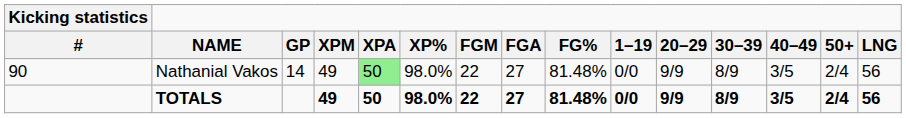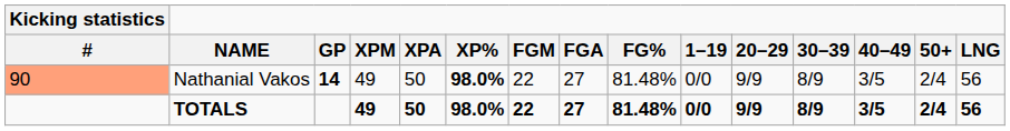 <table class="wikitable collapsible">
 <tr>
 <th style="text-align:center; ">Kicking statistics</th>
 </tr>
 <tr>
 <th>#</th>
 <th>NAME</th>
 <th>GP</th>
 <th>XPM</th>
 <th>XPA</th>
 <th>XP%</th>
 <th>FGM</th>
 <th>FGA</th>
 <th>FG%</th>
 <th>1–19</th>
 <th>20–29</th>
 <th>30–39</th>
 <th>40–49</th>
 <th>50+</th>
 <th>LNG</th>
 </tr>
 <tr>
-<td>90</td>
+<td style="background: lightsalmon;">90</td>
 <td>Nathanial Vakos</td>
-<td>14</td>
+<td><strong>14</strong></td>
 <td>49</td>
-<td style="background: lightgreen;">50</td>
-<td>98.0%</td>
+<td>50</td>
+<td><strong>98.0%</strong></td>
 <td>22</td>
 <td>27</td>
 <td>81.48%</td>
 <td>0/0</td>
 <td>9/9</td>
 <td>8/9</td>
 <td>3/5</td>
 <td>2/4</td>
 <td>56</td>
 </tr>
 <tr>
 <td></td>
 <td><strong>TOTALS</strong></td>
 <td></td>
 <td><strong>49</strong></td>
 <td><strong>50</strong></td>
 <td><strong>98.0%</strong></td>
 <td><strong>22</strong></td>
 <td><strong>27</strong></td>
 <td><strong>81.48%</strong></td>
 <td><strong>0/0</strong></td>
 <td><strong>9/9</strong></td>
 <td><strong>8/9</strong></td>
 <td><strong>3/5</strong></td>
 <td><strong>2/4</strong></td>
 <td><strong>56</strong></td>
 </tr>
 </table>
